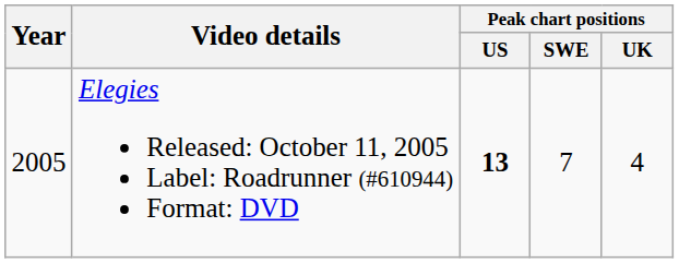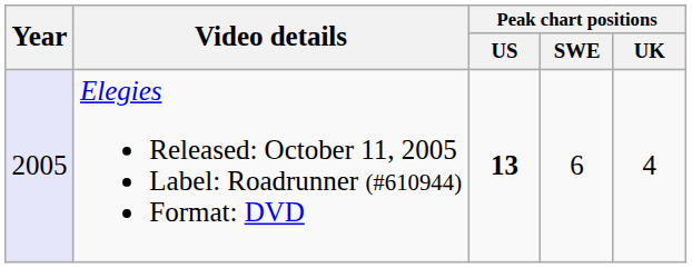 <table class="wikitable">
 <tr>
 <th rowspan="2">Year</th>
 <th rowspan="2">Video details</th>
 <th colspan="3" style="font-size:8pt;">Peak chart positions</th>
 </tr>
 <tr>
 <th style="width:3em;font-size:75%;">US<br></th>
 <th style="width:3em;font-size:75%;">SWE<br></th>
 <th style="width:3em;font-size:75%;">UK<br></th>
 </tr>
 <tr>
-<td>2005</td>
+<td style="background: lavender;">2005</td>
 <td><em><a href='#'>Elegies</a></em><br><ul><li>Released: October 11, 2005</li><li>Label: Roadrunner <small>(#610944)</small></li><li>Format: <a href='#'>DVD</a></li></ul></td>
 <td style="text-align:center;"><strong>13</strong></td>
-<td style="text-align:center;">7</td>
+<td style="text-align:center;">6</td>
 <td style="text-align:center;">4</td>
 </tr>
 </table>
